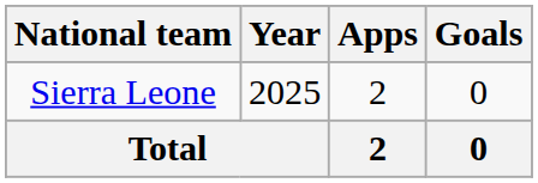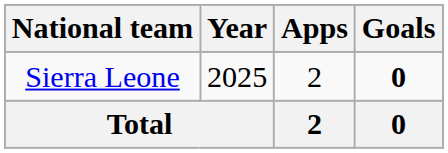 <table class=wikitable style=text-align:center>
 <tr>
 <th>National team</th>
 <th>Year</th>
 <th>Apps</th>
 <th>Goals</th>
 </tr>
 <tr>
 <td rowspan="1"><a href='#'>Sierra Leone</a></td>
 <td>2025</td>
 <td>2</td>
-<td>0</td>
+<td><strong>0</strong></td>
 </tr>
 <tr>
 <th colspan="2">Total</th>
 <th>2</th>
 <th>0</th>
 </tr>
 </table>
